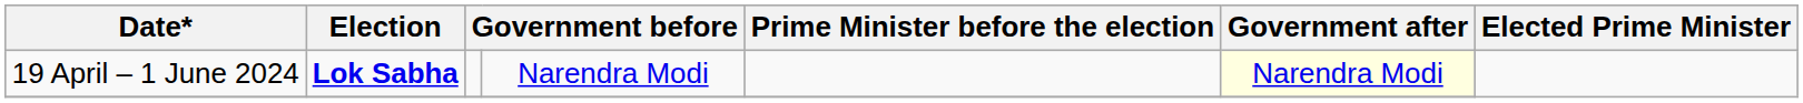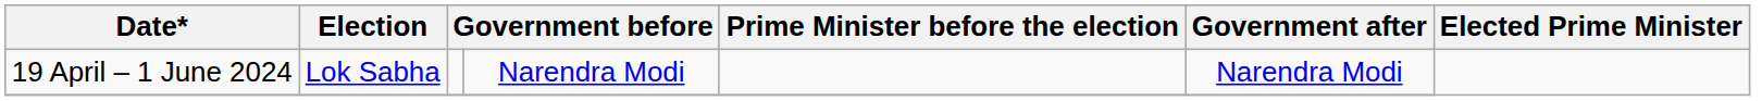 <table class="wikitable" style="text-align:center;">
 <tr>
 <th>Date*</th>
 <th>Election</th>
 <th colspan="2">Government before</th>
 <th>Prime Minister before the election</th>
 <th colspan="2">Government after</th>
 <th>Elected Prime Minister</th>
 </tr>
 <tr>
 <td>19 April – 1 June 2024</td>
-<td><strong><a href='#'>Lok Sabha</a></strong></td>
+<td><a href='#'>Lok Sabha</a></td>
 <td></td>
 <td><a href='#'>Narendra Modi</a></td>
 <td></td>
-<td style="background: lightyellow;"><a href='#'>Narendra Modi</a></td>
+<td><a href='#'>Narendra Modi</a></td>
 </tr>
 <tr>
 </tr>
 </table>
